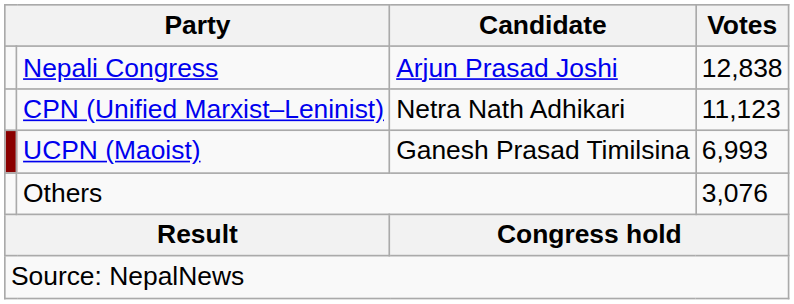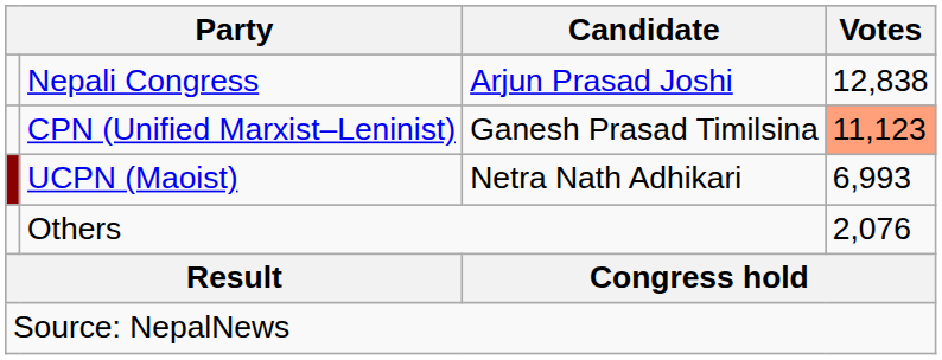 <table class="wikitable">
 <tr>
 <th colspan="2">Party</th>
 <th>Candidate</th>
 <th>Votes</th>
 </tr>
 <tr>
 <td style="background-color:"></td>
 <td><a href='#'>Nepali Congress</a></td>
 <td><a href='#'>Arjun Prasad Joshi</a></td>
 <td>12,838</td>
 </tr>
 <tr>
 <td style="background-color:"></td>
 <td><a href='#'>CPN (Unified Marxist–Leninist)</a></td>
-<td>Netra Nath Adhikari</td>
-<td>11,123</td>
+<td>Ganesh Prasad Timilsina</td>
+<td style="background: lightsalmon;">11,123</td>
 </tr>
 <tr>
 <td style="background-color:darkred"></td>
 <td><a href='#'>UCPN (Maoist)</a></td>
-<td>Ganesh Prasad Timilsina</td>
+<td>Netra Nath Adhikari</td>
 <td>6,993</td>
 </tr>
 <tr>
 <td></td>
 <td colspan="2">Others</td>
-<td>3,076</td>
+<td>2,076</td>
 </tr>
 <tr>
 <th colspan="2">Result</th>
 <th colspan="2">Congress hold</th>
 </tr>
 <tr>
 <td colspan="4">Source: NepalNews</td>
 </tr>
 </table>
